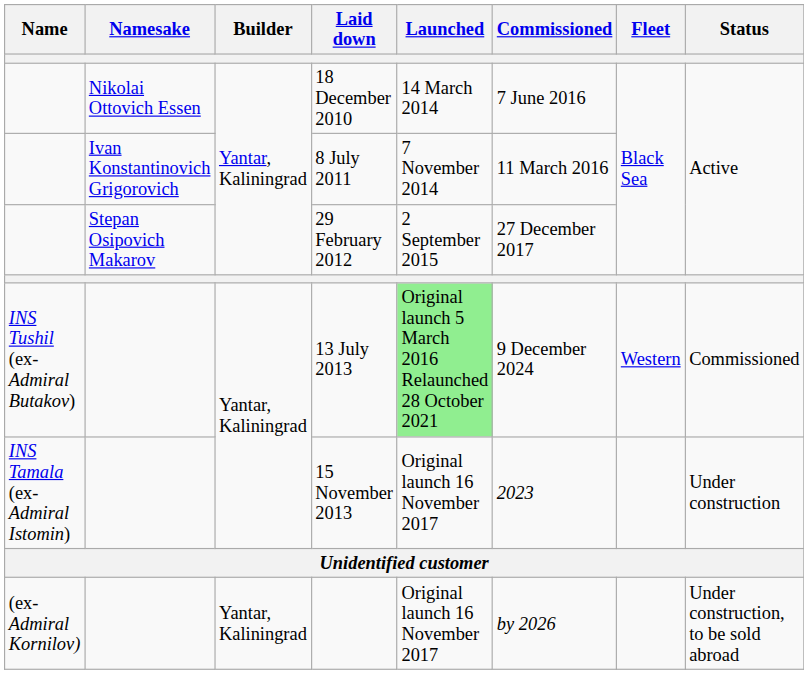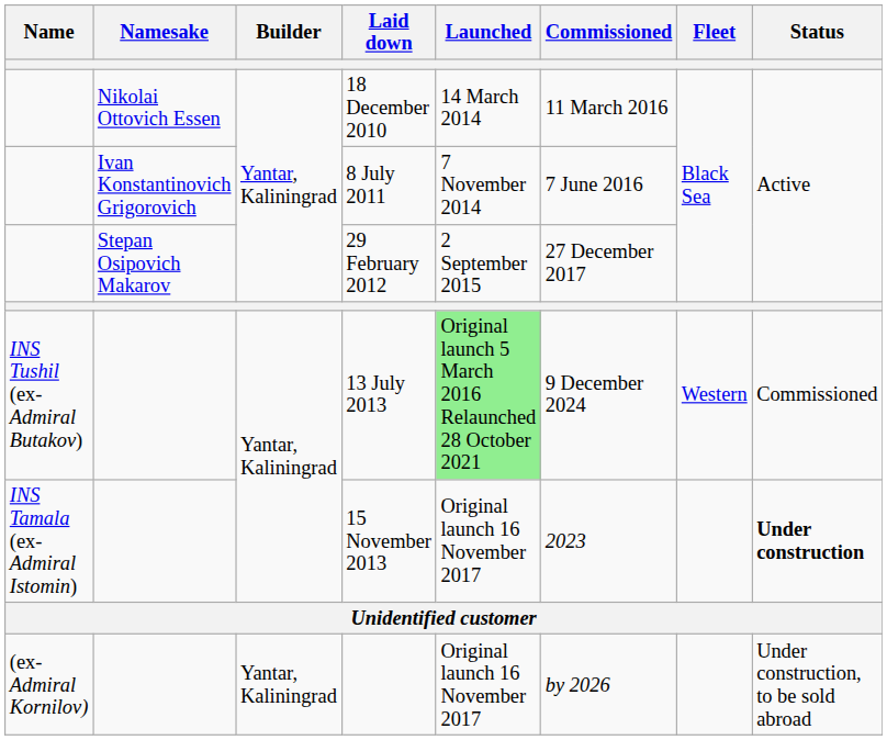 <table class="wikitable">
 <tr>
 <th>Name</th>
 <th><a href='#'>Namesake</a></th>
 <th>Builder</th>
 <th><a href='#'>Laid down</a></th>
 <th><a href='#'>Launched</a></th>
 <th><a href='#'>Commissioned</a></th>
 <th><a href='#'>Fleet</a></th>
 <th>Status</th>
 </tr>
 <tr>
 <th colspan=8></th>
 </tr>
 <tr>
 <td></td>
 <td><a href='#'>Nikolai Ottovich Essen</a></td>
 <td rowspan="3"><a href='#'>Yantar</a>, Kaliningrad</td>
 <td>18 December 2010</td>
 <td>14 March 2014</td>
-<td>7 June 2016</td>
+<td>11 March 2016</td>
 <td rowspan="3"><a href='#'>Black Sea</a></td>
 <td rowspan="3">Active</td>
 </tr>
 <tr>
 <td></td>
 <td><a href='#'>Ivan Konstantinovich Grigorovich</a></td>
 <td>8 July 2011</td>
 <td>7 November 2014</td>
-<td>11 March 2016</td>
+<td>7 June 2016</td>
 </tr>
 <tr>
 <td></td>
 <td><a href='#'>Stepan Osipovich Makarov</a></td>
 <td>29 February 2012</td>
 <td>2 September 2015</td>
 <td>27 December 2017</td>
 </tr>
 <tr>
 <th colspan=8></th>
 </tr>
 <tr>
 <td><em><a href='#'>INS Tushil</a></em> (ex-<em>Admiral Butakov</em>)</td>
 <td></td>
 <td rowspan="2">Yantar, Kaliningrad</td>
 <td>13 July 2013</td>
 <td style="background: lightgreen;">Original launch 5 March 2016<br>Relaunched 28 October 2021</td>
 <td>9 December 2024</td>
 <td><a href='#'>Western</a></td>
 <td>Commissioned</td>
 </tr>
 <tr>
 <td><em><a href='#'>INS Tamala</a></em> (ex-<em>Admiral Istomin</em>)</td>
 <td></td>
 <td>15 November 2013</td>
 <td>Original launch 16 November 2017</td>
 <td><em>2023</em></td>
 <td></td>
-<td>Under construction</td>
+<td><strong>Under construction</strong></td>
 </tr>
 <tr>
 <th colspan="8"><em>Unidentified customer</em></th>
 </tr>
 <tr>
 <td>(ex-<em>Admiral Kornilov)</em></td>
 <td></td>
 <td>Yantar, Kaliningrad</td>
 <td></td>
 <td>Original launch 16 November 2017</td>
 <td><em>by 2026</em></td>
 <td></td>
 <td>Under construction, to be sold abroad</td>
 </tr>
 </table>
